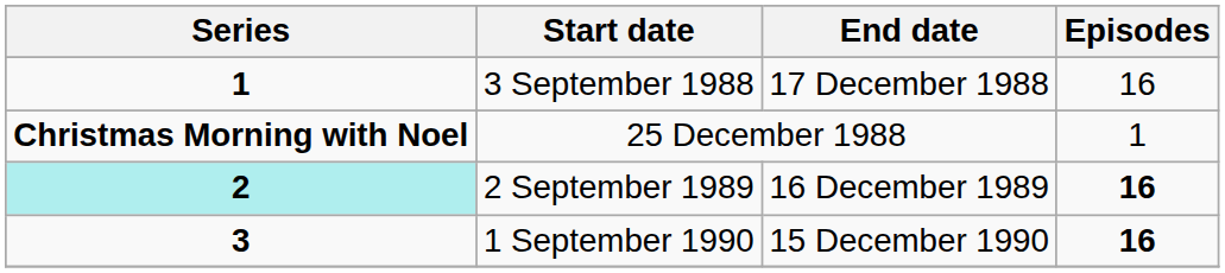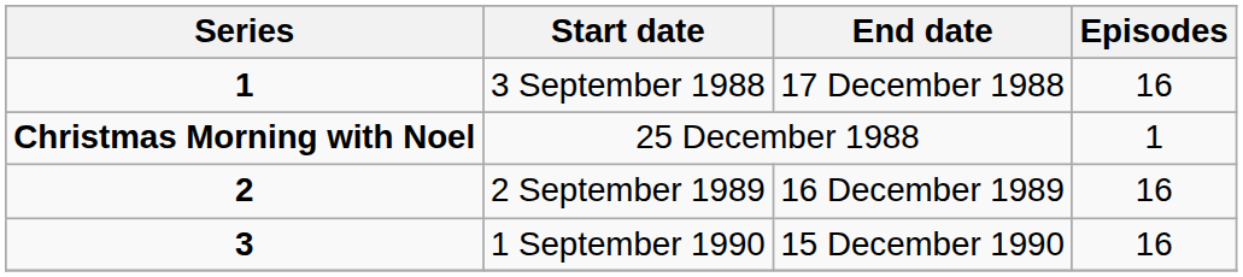 <table class="wikitable" style="text-align:center;">
 <tr>
 <th>Series</th>
 <th>Start date</th>
 <th>End date</th>
 <th>Episodes</th>
 </tr>
 <tr>
 <td><strong>1</strong></td>
 <td>3 September 1988</td>
 <td>17 December 1988</td>
 <td>16</td>
 </tr>
 <tr>
 <td><strong>Christmas Morning with Noel</strong></td>
 <td colspan="2">25 December 1988</td>
 <td>1</td>
 </tr>
 <tr>
-<td style="background: paleturquoise;"><strong>2</strong></td>
+<td><strong>2</strong></td>
 <td>2 September 1989</td>
 <td>16 December 1989</td>
-<td><strong>16</strong></td>
+<td>16</td>
 </tr>
 <tr>
 <td><strong>3</strong></td>
 <td>1 September 1990</td>
 <td>15 December 1990</td>
-<td><strong>16</strong></td>
+<td>16</td>
 </tr>
 <tr>
 </tr>
 </table>
